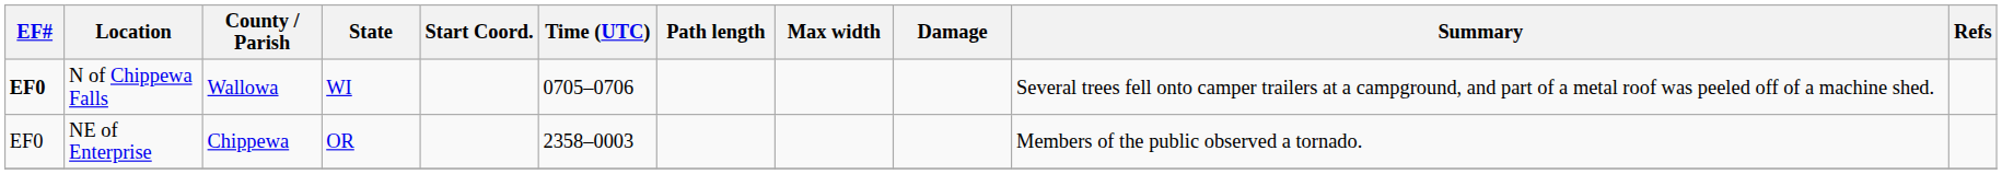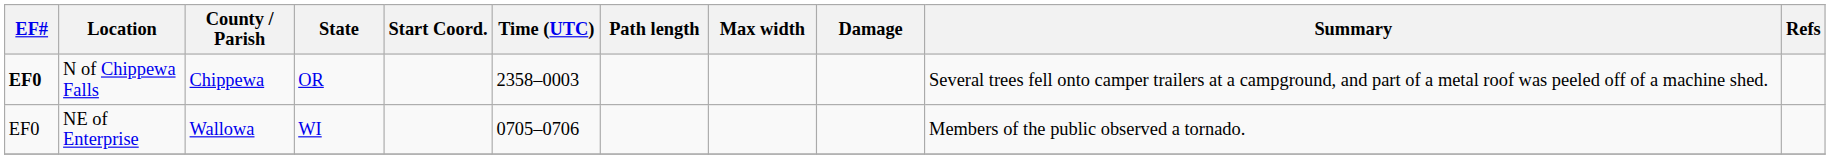 <table class="wikitable sortable" style="width:100%;">
 <tr>
 <th scope="col" width="3%" align="center"><a href='#'>EF#</a></th>
 <th scope="col" width="7%" align="center" class="unsortable">Location</th>
 <th scope="col" width="6%" align="center" class="unsortable">County / Parish</th>
 <th scope="col" width="5%" align="center">State</th>
 <th scope="col" width="6%" align="center">Start Coord.</th>
 <th scope="col" width="6%" align="center">Time (<a href='#'>UTC</a>)</th>
 <th scope="col" width="6%" align="center">Path length</th>
 <th scope="col" width="6%" align="center">Max width</th>
 <th scope="col" width="6%" align="center">Damage</th>
 <th scope="col" width="48%" class="unsortable" align="center">Summary</th>
 <th scope="col" width="48%" class="unsortable" align="center">Refs</th>
 </tr>
 <tr>
 <td><strong>EF0</strong></td>
 <td>N of <a href='#'>Chippewa Falls</a></td>
-<td><a href='#'>Wallowa</a></td>
-<td><a href='#'>WI</a></td>
+<td><a href='#'>Chippewa</a></td>
+<td><a href='#'>OR</a></td>
 <td></td>
-<td>0705–0706</td>
+<td>2358–0003</td>
 <td></td>
 <td></td>
 <td></td>
 <td>Several trees fell onto camper trailers at a campground, and part of a metal roof was peeled off of a machine shed.</td>
 <td></td>
 </tr>
 <tr>
 <td>EF0</td>
 <td>NE of <a href='#'>Enterprise</a></td>
-<td><a href='#'>Chippewa</a></td>
-<td><a href='#'>OR</a></td>
+<td><a href='#'>Wallowa</a></td>
+<td><a href='#'>WI</a></td>
 <td></td>
-<td>2358–0003</td>
+<td>0705–0706</td>
 <td></td>
 <td></td>
 <td></td>
 <td>Members of the public observed a tornado.</td>
 <td></td>
 </tr>
 <tr>
 </tr>
 </table>
